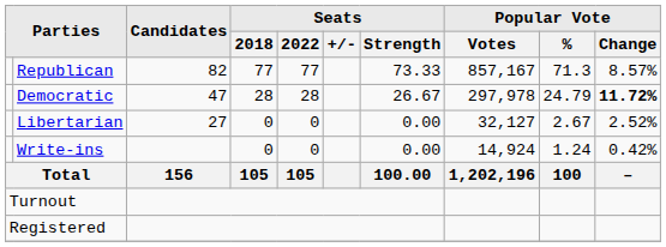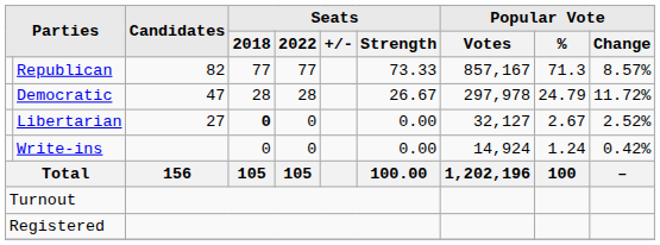 <table class=wikitable>
 <tr>
 <th style="background-color:#E9E9E9" align=center rowspan= 2 colspan=2>Parties</th>
 <th style="background-color:#E9E9E9" align=center rowspan= 2>Candidates</th>
 <th style="background-color:#E9E9E9" align=center colspan=4>Seats</th>
 <th style="background-color:#E9E9E9" align=center colspan=3>Popular Vote</th>
 </tr>
 <tr>
 <th align=center>2018</th>
 <th align=center>2022</th>
 <th align=center>+/-</th>
 <th align=center>Strength</th>
 <th align=center>Votes</th>
 <th align=center>%</th>
 <th align=center>Change</th>
 </tr>
 <tr>
 <td></td>
 <td align=left><a href='#'>Republican</a></td>
 <td align=right>82</td>
 <td align=right>77</td>
 <td align=right>77</td>
 <td align=right></td>
 <td align=right>73.33</td>
 <td align=right>857,167</td>
 <td align=right>71.3</td>
 <td align=right> 8.57%</td>
 </tr>
 <tr>
 <td></td>
 <td align=left><a href='#'>Democratic</a></td>
 <td align=right>47</td>
 <td align=right>28</td>
 <td align=right>28</td>
 <td align=right></td>
 <td align=right>26.67</td>
 <td align=right>297,978</td>
 <td align=right>24.79</td>
-<td align=right><strong> 11.72%</strong></td>
+<td align=right> 11.72%</td>
 </tr>
 <tr>
 <td></td>
 <td><a href='#'>Libertarian</a></td>
 <td align=right>27</td>
-<td align=right>0</td>
+<td align=right><strong>0</strong></td>
 <td align=right>0</td>
 <td align=right></td>
 <td align=right>0.00</td>
 <td align=right>32,127</td>
 <td align=right>2.67</td>
 <td align=right> 2.52%</td>
 </tr>
 <tr>
 <td></td>
 <td><a href='#'>Write-ins</a></td>
 <td align=right></td>
 <td align=right>0</td>
 <td align=right>0</td>
 <td align=right></td>
 <td align=right>0.00</td>
 <td align=right>14,924</td>
 <td align=right>1.24</td>
 <td align=right> 0.42%</td>
 </tr>
 <tr>
 <th align=center colspan="2">Total</th>
 <th align=center>156</th>
 <th align=center>105</th>
 <th align=center>105</th>
 <th align=center></th>
 <th align=center>100.00</th>
 <th align=center>1,202,196</th>
 <th align=center>100</th>
 <th align=center>–</th>
 </tr>
 <tr>
 <td align=left colspan="2">Turnout</td>
 <td colspan=5></td>
 <td align=right></td>
 <td align=right></td>
 <td align=right></td>
 </tr>
 <tr>
 <td align=left colspan="2">Registered</td>
 <td colspan=5></td>
 <td align=right></td>
 <td align=right></td>
 <td align=right></td>
 </tr>
 <tr>
 </tr>
 </table>
